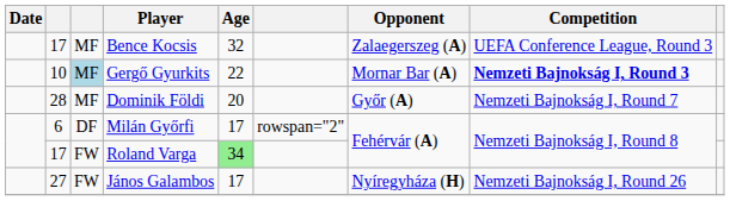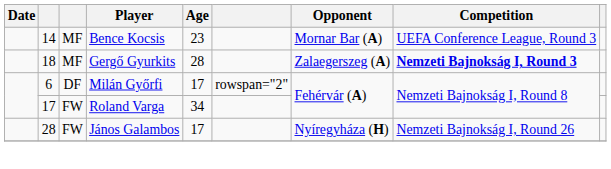 <table class="wikitable sortable" style="text-align:center; font-size:95%;">
 <tr>
 <th>Date</th>
 <th></th>
 <th></th>
 <th>Player</th>
 <th>Age</th>
 <th></th>
 <th>Opponent</th>
 <th>Competition</th>
 <th class="unsortable"></th>
 </tr>
 <tr>
 <td data-sort-value="1"></td>
-<td>17</td>
+<td>14</td>
 <td>MF</td>
 <td style="text-align:left;"> <a href='#'>Bence Kocsis</a></td>
-<td>32</td>
+<td>23</td>
 <td></td>
-<td style="text-align:left;"><a href='#'>Zalaegerszeg</a> (<strong>A</strong>)</td>
+<td style="text-align:left;"><a href='#'>Mornar Bar</a> (<strong>A</strong>)</td>
 <td style="text-align:left;"><a href='#'>UEFA Conference League, Round 3</a></td>
 <td></td>
 </tr>
 <tr>
 <td data-sort-value="2"></td>
-<td>10</td>
-<td style="background: lightblue;">MF</td>
+<td>18</td>
+<td>MF</td>
 <td style="text-align:left;"> <a href='#'>Gergő Gyurkits</a></td>
-<td>22</td>
+<td>28</td>
 <td></td>
-<td style="text-align:left;"><a href='#'>Mornar Bar</a> (<strong>A</strong>)</td>
+<td style="text-align:left;"><a href='#'>Zalaegerszeg</a> (<strong>A</strong>)</td>
 <td style="text-align:left;"><strong><a href='#'>Nemzeti Bajnokság I, Round 3</a></strong></td>
-<td></td>
-</tr>
-<tr>
-<td data-sort-value="3"></td>
-<td>28</td>
-<td>MF</td>
-<td style="text-align:left;"> <a href='#'>Dominik Földi</a></td>
-<td>20</td>
-<td></td>
-<td style="text-align:left;"><a href='#'>Győr</a> (<strong>A</strong>)</td>
-<td style="text-align:left;"><a href='#'>Nemzeti Bajnokság I, Round 7</a></td>
 <td></td>
 </tr>
 <tr>
 <td rowspan="2" data-sort-value="4"></td>
 <td>6</td>
 <td>DF</td>
 <td style="text-align:left;"> <a href='#'>Milán Győrfi</a></td>
 <td>17</td>
 <td>rowspan="2" </td>
 <td rowspan="2" style="text-align:left;"><a href='#'>Fehérvár</a> (<strong>A</strong>)</td>
 <td rowspan="2" style="text-align:left;"><a href='#'>Nemzeti Bajnokság I, Round 8</a></td>
 <td></td>
 </tr>
 <tr>
 <td>17</td>
 <td>FW</td>
 <td style="text-align:left;"> <a href='#'>Roland Varga</a></td>
-<td style="background: lightgreen;">34</td>
+<td>34</td>
 <td></td>
 </tr>
 <tr>
 <td data-sort-value="4"></td>
-<td>27</td>
+<td>28</td>
 <td>FW</td>
 <td style="text-align:left;"> <a href='#'>János Galambos</a></td>
 <td>17</td>
 <td></td>
 <td style="text-align:left;"><a href='#'>Nyíregyháza</a> (<strong>H</strong>)</td>
 <td style="text-align:left;"><a href='#'>Nemzeti Bajnokság I, Round 26</a></td>
 <td></td>
 </tr>
 <tr>
 </tr>
 </table>
